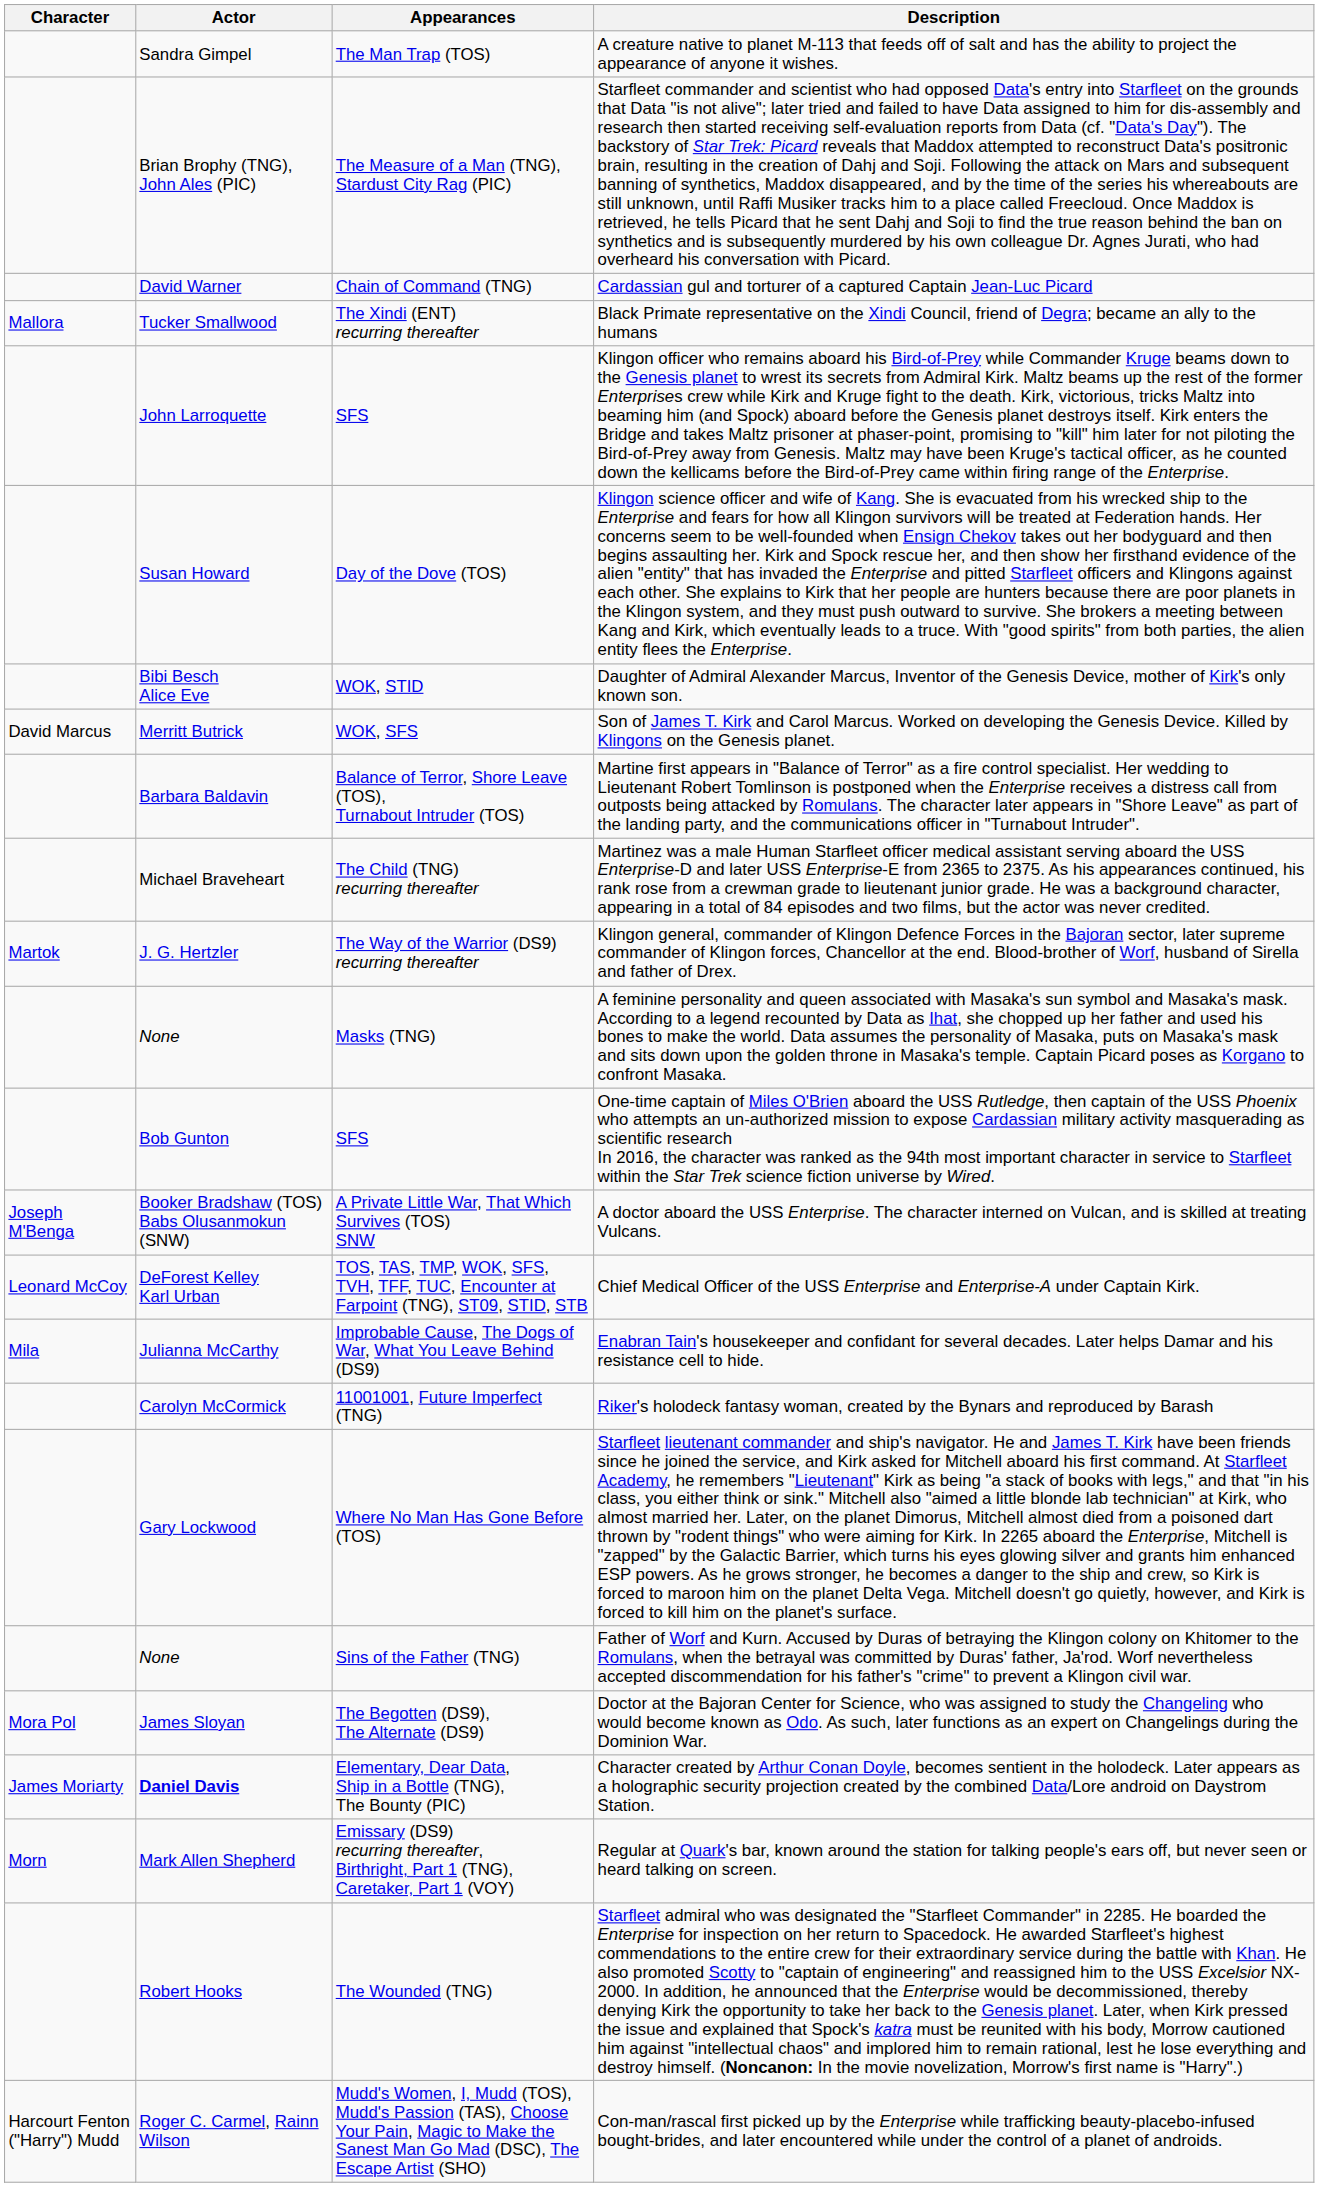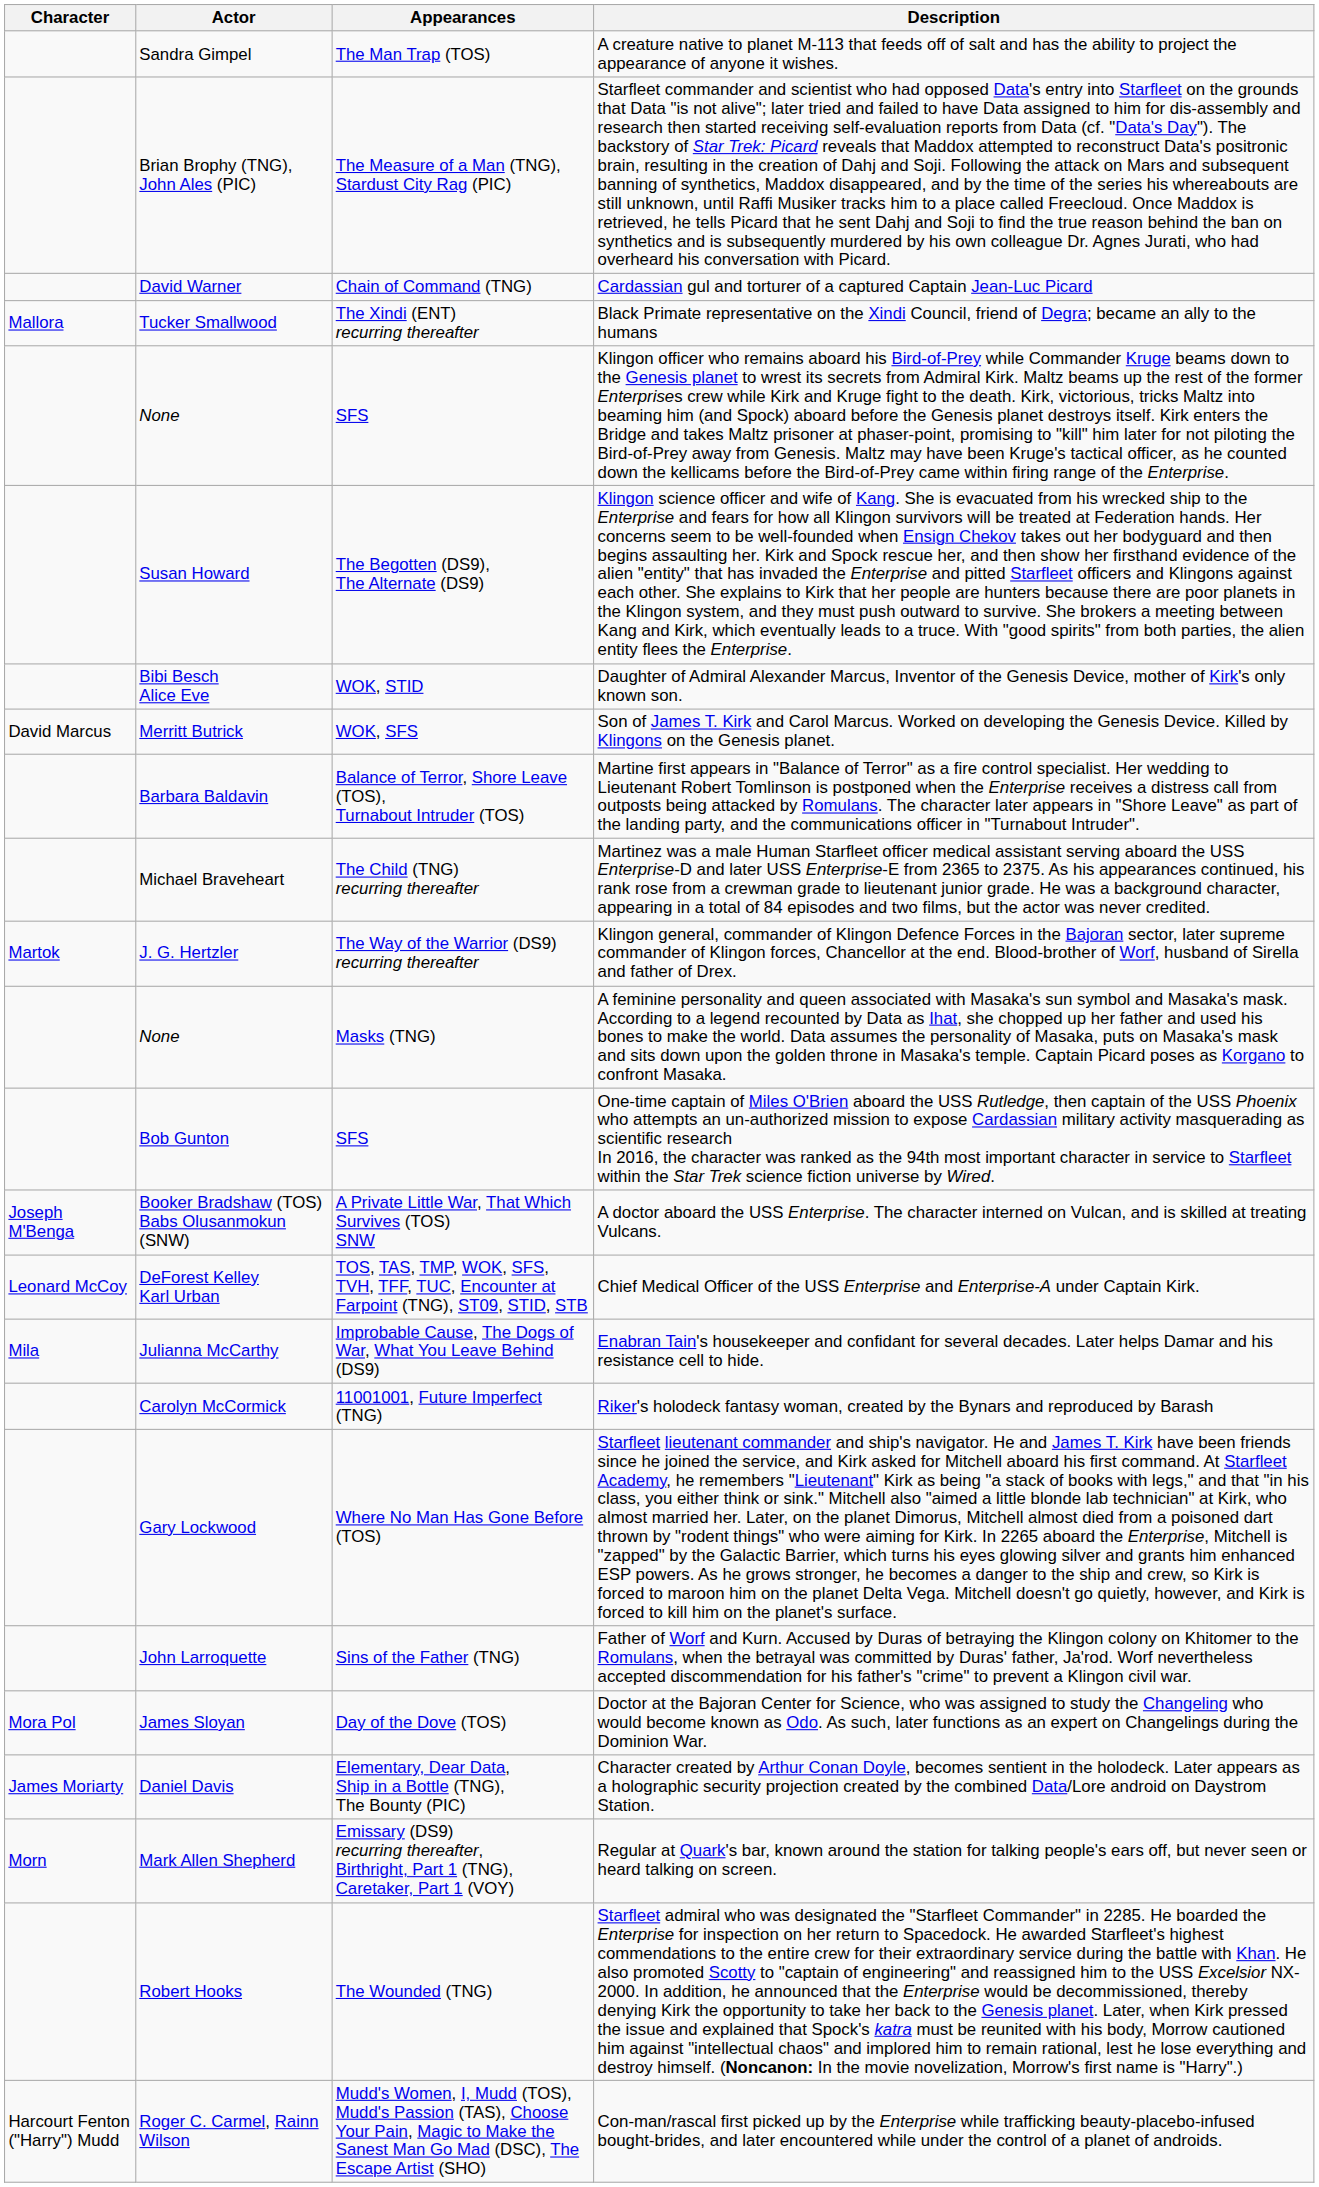 <table class="wikitable">
 <tr>
 <th width="10%">Character</th>
 <th width="15%">Actor</th>
 <th width="20%">Appearances</th>
 <th width="55%">Description</th>
 </tr>
 <tr>
 <td></td>
 <td>Sandra Gimpel</td>
 <td><a href='#'>The Man Trap</a> (TOS)</td>
 <td>A creature native to planet M-113 that feeds off of salt and has the ability to project the appearance of anyone it wishes.</td>
 </tr>
 <tr>
 <td></td>
 <td>Brian Brophy (TNG), <a href='#'>John Ales</a> (PIC)</td>
 <td><a href='#'>The Measure of a Man</a> (TNG), <br><a href='#'>Stardust City Rag</a> (PIC)</td>
 <td>Starfleet commander and scientist who had opposed <a href='#'>Data</a>'s entry into <a href='#'>Starfleet</a> on the grounds that Data "is not alive"; later tried and failed to have Data assigned to him for dis-assembly and research then started receiving self-evaluation reports from Data (cf. "<a href='#'>Data's Day</a>"). The backstory of <em><a href='#'>Star Trek: Picard</a></em> reveals that Maddox attempted to reconstruct Data's positronic  brain, resulting in the creation of Dahj and Soji. Following the attack on Mars and subsequent banning of synthetics, Maddox disappeared, and by the time of the series his whereabouts are still unknown, until Raffi Musiker tracks him to a place called Freecloud. Once Maddox is retrieved, he tells Picard that he sent Dahj and Soji to find the true reason behind the ban on synthetics and is subsequently murdered  by his own colleague Dr. Agnes Jurati, who had overheard his conversation with Picard.</td>
 </tr>
 <tr>
 <td></td>
 <td><a href='#'>David Warner</a></td>
 <td><a href='#'>Chain of Command</a> (TNG)</td>
 <td><a href='#'>Cardassian</a> gul and torturer of a captured Captain <a href='#'>Jean-Luc Picard</a></td>
 </tr>
 <tr>
 <td><a href='#'>Mallora</a></td>
 <td><a href='#'>Tucker Smallwood</a></td>
 <td><a href='#'>The Xindi</a> (ENT)<br><em>recurring thereafter</em></td>
 <td>Black Primate representative on the <a href='#'>Xindi</a> Council, friend of <a href='#'>Degra</a>; became an ally to the humans</td>
 </tr>
 <tr>
 <td></td>
-<td><a href='#'>John Larroquette</a></td>
+<td><em>None</em></td>
 <td><a href='#'>SFS</a></td>
 <td>Klingon officer who remains aboard his <a href='#'>Bird-of-Prey</a> while Commander <a href='#'>Kruge</a> beams down to the <a href='#'>Genesis planet</a> to wrest its secrets from Admiral Kirk. Maltz beams up the rest of the former <em>Enterprise</em>s crew while Kirk and Kruge fight to the death. Kirk, victorious, tricks Maltz into beaming him (and Spock) aboard before the Genesis planet destroys itself. Kirk enters the Bridge and takes Maltz prisoner at phaser-point, promising to "kill" him later for not piloting the Bird-of-Prey away from Genesis. Maltz may have been Kruge's tactical officer, as he counted down the kellicams before the Bird-of-Prey came within firing range of the <em>Enterprise</em>.</td>
 </tr>
 <tr>
 <td></td>
 <td><a href='#'>Susan Howard</a></td>
-<td><a href='#'>Day of the Dove</a> (TOS)</td>
+<td><a href='#'>The Begotten</a> (DS9),<br><a href='#'>The Alternate</a> (DS9)</td>
 <td><a href='#'>Klingon</a> science officer and wife of <a href='#'>Kang</a>. She is evacuated from his wrecked ship to the <em>Enterprise</em> and fears for how all Klingon survivors will be treated at Federation hands. Her concerns seem to be well-founded when <a href='#'>Ensign Chekov</a> takes out her bodyguard and then begins assaulting her. Kirk and Spock rescue her, and then show her firsthand evidence of the alien "entity" that has invaded the <em>Enterprise</em> and pitted <a href='#'>Starfleet</a> officers and Klingons against each other. She explains to Kirk that her people are hunters because there are poor planets in the Klingon system, and they must push outward to survive. She brokers a meeting between Kang and Kirk, which eventually leads to a truce. With "good spirits" from both parties, the alien entity flees the <em>Enterprise</em>.</td>
 </tr>
 <tr>
 <td></td>
 <td><a href='#'>Bibi Besch</a><br><a href='#'>Alice Eve</a></td>
 <td><a href='#'>WOK</a>, <a href='#'>STID</a></td>
 <td>Daughter of Admiral Alexander Marcus, Inventor of the Genesis Device, mother of <a href='#'>Kirk</a>'s only known son.</td>
 </tr>
 <tr>
 <td>David Marcus</td>
 <td><a href='#'>Merritt Butrick</a></td>
 <td><a href='#'>WOK</a>, <a href='#'>SFS</a></td>
 <td>Son of <a href='#'>James T. Kirk</a> and Carol Marcus. Worked on developing the Genesis Device. Killed by <a href='#'>Klingons</a> on the Genesis planet.</td>
 </tr>
 <tr>
 <td></td>
 <td><a href='#'>Barbara Baldavin</a></td>
 <td><a href='#'>Balance of Terror</a>, <a href='#'>Shore Leave</a> (TOS), <br><a href='#'>Turnabout Intruder</a> (TOS)</td>
 <td>Martine first appears in "Balance of Terror" as a fire control specialist. Her wedding to Lieutenant Robert Tomlinson is postponed when the <em>Enterprise</em> receives a distress call from outposts being attacked by <a href='#'>Romulans</a>. The character later appears in "Shore Leave" as part of the landing party, and the communications officer in "Turnabout Intruder".</td>
 </tr>
 <tr>
 <td></td>
 <td>Michael Braveheart</td>
 <td><a href='#'>The Child</a> (TNG)<br><em>recurring thereafter</em></td>
 <td>Martinez was a male Human Starfleet officer medical assistant serving aboard the USS <em>Enterprise</em>-D and later USS <em>Enterprise</em>-E from 2365 to 2375. As his appearances continued, his rank rose from a crewman grade to lieutenant junior grade. He was a background character, appearing in a total of 84 episodes and two films, but the actor was never credited.</td>
 </tr>
 <tr>
 <td><a href='#'>Martok</a></td>
 <td><a href='#'>J. G. Hertzler</a></td>
 <td><a href='#'>The Way of the Warrior</a> (DS9) <br><em>recurring thereafter</em></td>
 <td>Klingon general, commander of Klingon Defence Forces in the <a href='#'>Bajoran</a> sector, later supreme commander of Klingon forces, Chancellor at the end. Blood-brother of <a href='#'>Worf</a>, husband of Sirella and father of Drex.</td>
 </tr>
 <tr>
 <td></td>
 <td><em>None</em></td>
 <td><a href='#'>Masks</a> (TNG)</td>
 <td>A feminine personality and queen associated with Masaka's sun symbol and Masaka's mask. According to a legend recounted by Data as <a href='#'>Ihat</a>, she chopped up her father and used his bones to make the world. Data assumes the personality of Masaka, puts on Masaka's mask and sits down upon the golden throne in Masaka's temple. Captain Picard poses as <a href='#'>Korgano</a> to confront Masaka.</td>
 </tr>
 <tr>
 <td></td>
 <td><a href='#'>Bob Gunton</a></td>
 <td><a href='#'>SFS</a></td>
 <td>One-time captain of <a href='#'>Miles O'Brien</a> aboard the USS <em>Rutledge</em>, then captain of the USS <em>Phoenix</em> who attempts an un-authorized mission to expose <a href='#'>Cardassian</a> military activity masquerading as scientific research<br>In 2016, the character was ranked as the 94th most important character in service to <a href='#'>Starfleet</a> within the <em>Star Trek</em> science fiction universe by <em>Wired</em>.</td>
 </tr>
 <tr>
 <td><a href='#'>Joseph M'Benga</a></td>
 <td><a href='#'>Booker Bradshaw</a> (TOS)<br><a href='#'>Babs Olusanmokun</a> (SNW)</td>
 <td><a href='#'>A Private Little War</a>, <a href='#'>That Which Survives</a> (TOS) <br> <a href='#'>SNW</a></td>
 <td>A doctor aboard the USS <em>Enterprise</em>. The character interned on Vulcan, and is skilled at treating Vulcans.</td>
 </tr>
 <tr>
 <td><a href='#'>Leonard McCoy</a></td>
 <td><a href='#'>DeForest Kelley</a><br><a href='#'>Karl Urban</a></td>
 <td><a href='#'>TOS</a>, <a href='#'>TAS</a>, <a href='#'>TMP</a>, <a href='#'>WOK</a>, <a href='#'>SFS</a>, <a href='#'>TVH</a>, <a href='#'>TFF</a>, <a href='#'>TUC</a>, <a href='#'>Encounter at Farpoint</a> (TNG), <a href='#'>ST09</a>, <a href='#'>STID</a>, <a href='#'>STB</a></td>
 <td>Chief Medical Officer of the USS <em>Enterprise</em> and <em>Enterprise-A</em> under Captain Kirk.</td>
 </tr>
 <tr>
 <td><a href='#'>Mila</a></td>
 <td><a href='#'>Julianna McCarthy</a></td>
 <td><a href='#'>Improbable Cause</a>, <a href='#'>The Dogs of War</a>, <a href='#'>What You Leave Behind</a> (DS9)</td>
 <td><a href='#'>Enabran Tain</a>'s housekeeper and confidant for several decades. Later helps Damar and his resistance cell to hide.</td>
 </tr>
 <tr>
 <td></td>
 <td><a href='#'>Carolyn McCormick</a></td>
 <td><a href='#'>11001001</a>, <a href='#'>Future Imperfect</a> (TNG)</td>
 <td><a href='#'>Riker</a>'s holodeck fantasy woman, created by the Bynars and reproduced by Barash</td>
 </tr>
 <tr>
 <td></td>
 <td><a href='#'>Gary Lockwood</a></td>
 <td><a href='#'>Where No Man Has Gone Before</a> (TOS)</td>
 <td><a href='#'>Starfleet</a> <a href='#'>lieutenant commander</a> and ship's navigator. He and <a href='#'>James T. Kirk</a> have been friends since he joined the service, and Kirk asked for Mitchell aboard his first command. At <a href='#'>Starfleet Academy</a>, he remembers "<a href='#'>Lieutenant</a>" Kirk as being "a stack of books with legs," and that "in his class, you either think or sink." Mitchell also "aimed a little blonde lab technician" at Kirk, who almost married her. Later, on the planet Dimorus, Mitchell almost died from a poisoned dart thrown by "rodent things" who were aiming for Kirk. In 2265 aboard the <em>Enterprise</em>, Mitchell is "zapped" by the Galactic Barrier, which turns his eyes glowing silver and grants him enhanced ESP powers. As he grows stronger, he becomes a danger to the ship and crew, so Kirk is forced to maroon him on the planet Delta Vega. Mitchell doesn't go quietly, however, and Kirk is forced to kill him on the planet's surface.</td>
 </tr>
 <tr>
 <td></td>
-<td><em>None</em></td>
+<td><a href='#'>John Larroquette</a></td>
 <td><a href='#'>Sins of the Father</a> (TNG)</td>
 <td>Father of <a href='#'>Worf</a> and Kurn. Accused by Duras of betraying the Klingon colony on Khitomer to the <a href='#'>Romulans</a>, when the betrayal was committed by Duras' father, Ja'rod. Worf nevertheless accepted discommendation for his father's "crime" to prevent a Klingon civil war.</td>
 </tr>
 <tr>
 <td><a href='#'>Mora Pol</a></td>
 <td><a href='#'>James Sloyan</a></td>
-<td><a href='#'>The Begotten</a> (DS9),<br><a href='#'>The Alternate</a> (DS9)</td>
+<td><a href='#'>Day of the Dove</a> (TOS)</td>
 <td>Doctor at the Bajoran Center for Science, who  was assigned to study the <a href='#'>Changeling</a> who would become known as <a href='#'>Odo</a>. As such, later functions as an expert on Changelings during the Dominion War.</td>
 </tr>
 <tr>
 <td><a href='#'>James Moriarty</a></td>
-<td><strong><a href='#'>Daniel Davis</a></strong></td>
+<td><a href='#'>Daniel Davis</a></td>
 <td><a href='#'>Elementary, Dear Data</a>, <br><a href='#'>Ship in a Bottle</a> (TNG), <br> The Bounty (PIC)</td>
 <td>Character created by <a href='#'>Arthur Conan Doyle</a>, becomes sentient in the holodeck. Later appears as a holographic security projection created by the combined <a href='#'>Data</a>/Lore android on Daystrom Station.</td>
 </tr>
 <tr>
 <td><a href='#'>Morn</a></td>
 <td><a href='#'>Mark Allen Shepherd</a></td>
 <td><a href='#'>Emissary</a> (DS9)<br><em>recurring thereafter</em>,<br><a href='#'>Birthright, Part 1</a> (TNG), <a href='#'>Caretaker, Part 1</a> (VOY)</td>
 <td>Regular at <a href='#'>Quark</a>'s bar, known around the station for talking people's ears off, but never seen or heard talking on screen.</td>
 </tr>
 <tr>
 <td></td>
 <td><a href='#'>Robert Hooks</a></td>
 <td><a href='#'>The Wounded</a> (TNG)</td>
 <td><a href='#'>Starfleet</a> admiral who was designated the "Starfleet Commander" in 2285. He boarded the <em>Enterprise</em> for inspection on her return to Spacedock. He awarded Starfleet's highest commendations to the entire crew for their extraordinary service during the battle with <a href='#'>Khan</a>. He also promoted <a href='#'>Scotty</a> to "captain of engineering" and reassigned him to the USS <em>Excelsior</em> NX-2000. In addition, he announced that the <em>Enterprise</em> would be decommissioned, thereby denying Kirk the opportunity to take her back to the <a href='#'>Genesis planet</a>. Later, when Kirk pressed the issue and explained that Spock's <em><a href='#'>katra</a></em> must be reunited with his body, Morrow cautioned him against "intellectual chaos" and implored him to remain rational, lest he lose everything and destroy himself. (<strong>Noncanon:</strong> In the movie novelization, Morrow's first name is "Harry".)</td>
 </tr>
 <tr>
 <td> Harcourt Fenton ("Harry") Mudd</td>
 <td><a href='#'>Roger C. Carmel</a>, <a href='#'>Rainn Wilson</a></td>
 <td><a href='#'>Mudd's Women</a>, <a href='#'>I, Mudd</a> (TOS), <a href='#'>Mudd's Passion</a> (TAS), <a href='#'>Choose Your Pain</a>, <a href='#'>Magic to Make the Sanest Man Go Mad</a> (DSC), <a href='#'>The Escape Artist</a> (SHO)</td>
 <td>Con-man/rascal first picked up by the <em>Enterprise</em> while trafficking beauty-placebo-infused bought-brides, and later encountered while under the control of a planet of androids.</td>
 </tr>
 </table>
